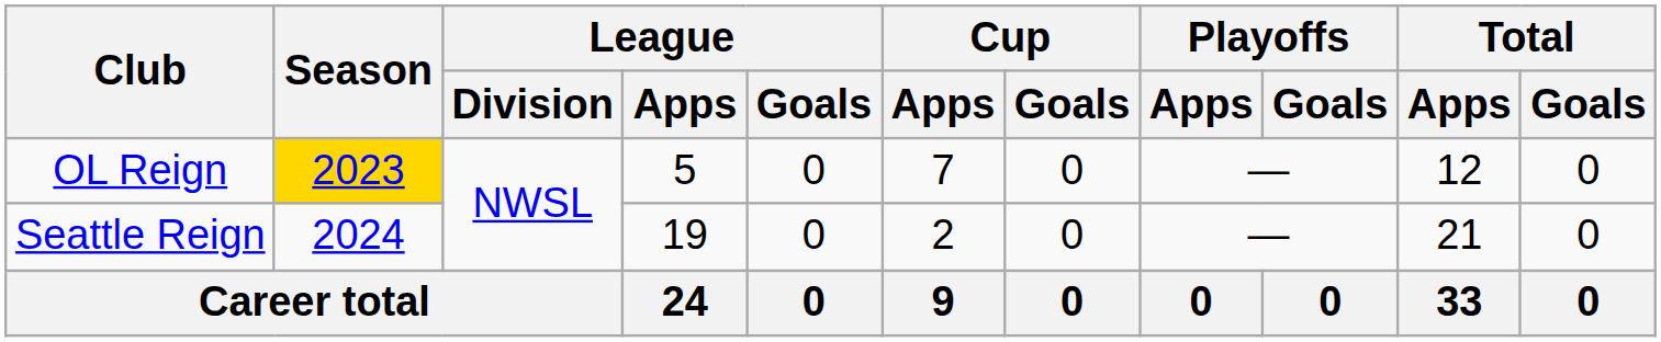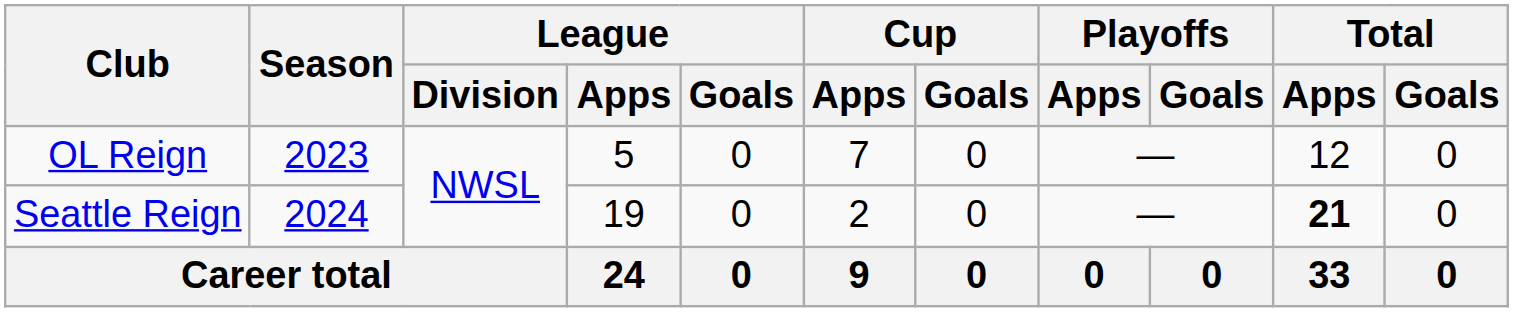 <table class="wikitable" style="text-align: center;">
 <tr>
 <th rowspan="2">Club</th>
 <th rowspan="2">Season</th>
 <th colspan="3">League</th>
 <th colspan="2">Cup</th>
 <th colspan="2">Playoffs</th>
 <th colspan="2">Total</th>
 </tr>
 <tr>
 <th>Division</th>
 <th>Apps</th>
 <th>Goals</th>
 <th>Apps</th>
 <th>Goals</th>
 <th>Apps</th>
 <th>Goals</th>
 <th>Apps</th>
 <th>Goals</th>
 </tr>
 <tr>
 <td><a href='#'>OL Reign</a></td>
-<td style="background: gold;"><a href='#'>2023</a></td>
+<td><a href='#'>2023</a></td>
 <td rowspan="2"><a href='#'>NWSL</a></td>
 <td>5</td>
 <td>0</td>
 <td>7</td>
 <td>0</td>
 <td colspan="2">—</td>
 <td>12</td>
 <td>0</td>
 </tr>
 <tr>
 <td><a href='#'>Seattle Reign</a></td>
 <td><a href='#'>2024</a></td>
 <td>19</td>
 <td>0</td>
 <td>2</td>
 <td>0</td>
 <td colspan="2">—</td>
-<td>21</td>
+<td><strong>21</strong></td>
 <td>0</td>
 </tr>
 <tr>
 <th colspan="3">Career total</th>
 <th>24</th>
 <th>0</th>
 <th>9</th>
 <th>0</th>
 <th>0</th>
 <th>0</th>
 <th>33</th>
 <th>0</th>
 </tr>
 </table>
